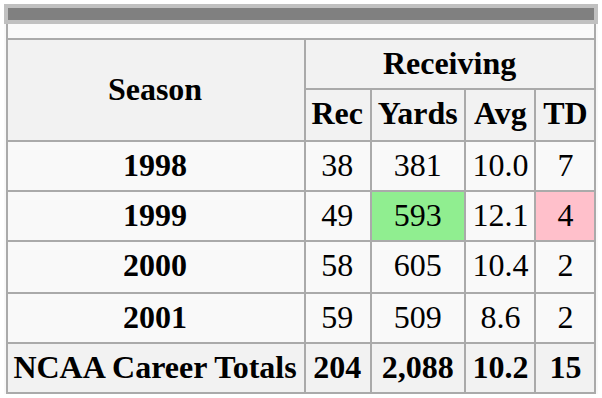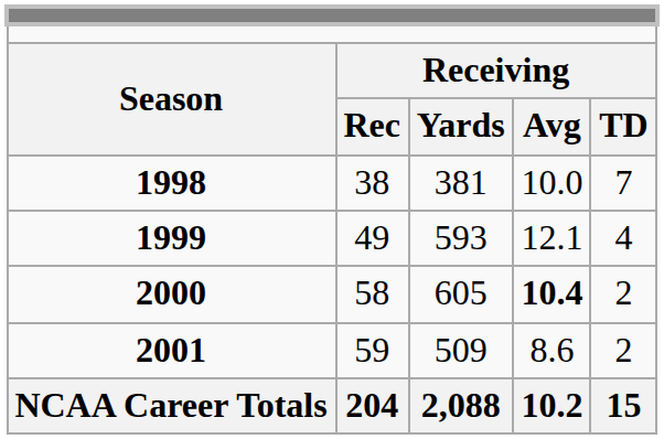 <table class=wikitable style="text-align:center;">
 <tr>
 <td ! colspan="10" style="background:gray; border:2px solid silver; color:white;"></td>
 </tr>
 <tr>
 <td ! colspan="10"></td>
 </tr>
 <tr>
 <th rowspan=2>Season</th>
 <th colspan=4>Receiving</th>
 </tr>
 <tr>
 <th>Rec</th>
 <th>Yards</th>
 <th>Avg</th>
 <th>TD</th>
 </tr>
 <tr>
 <td><strong>1998</strong></td>
 <td>38</td>
 <td>381</td>
 <td>10.0</td>
 <td>7</td>
 </tr>
 <tr>
 <td><strong>1999</strong></td>
 <td>49</td>
-<td style="background: lightgreen;">593</td>
+<td>593</td>
 <td>12.1</td>
-<td style="background: pink;">4</td>
+<td>4</td>
 </tr>
 <tr>
 <td><strong>2000</strong></td>
 <td>58</td>
 <td>605</td>
-<td>10.4</td>
+<td><strong>10.4</strong></td>
 <td>2</td>
 </tr>
 <tr>
 <td><strong>2001</strong></td>
 <td>59</td>
 <td>509</td>
 <td>8.6</td>
 <td>2</td>
 </tr>
 <tr>
 <th>NCAA Career Totals</th>
 <th>204</th>
 <th>2,088</th>
 <th>10.2</th>
 <th>15</th>
 </tr>
 </table>
